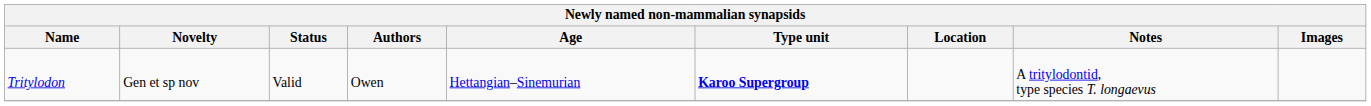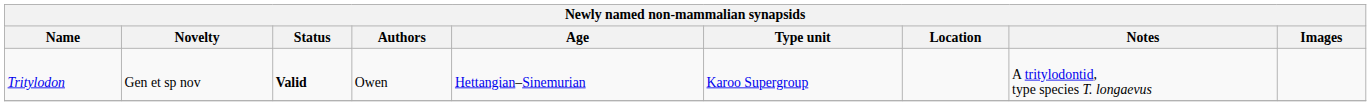 <table class="wikitable sortable" align="center" width="100%">
 <tr>
 <th colspan="9">Newly named non-mammalian synapsids</th>
 </tr>
 <tr>
 <th>Name</th>
 <th>Novelty</th>
 <th>Status</th>
 <th>Authors</th>
 <th>Age</th>
 <th>Type unit</th>
 <th>Location</th>
 <th>Notes</th>
 <th>Images</th>
 </tr>
 <tr>
 <td><br><em><a href='#'>Tritylodon</a></em></td>
 <td><br>Gen et sp nov</td>
-<td><br>Valid</td>
+<td><strong><br>Valid</strong></td>
 <td><br>Owen</td>
 <td><br><a href='#'>Hettangian</a>–<a href='#'>Sinemurian</a></td>
-<td><strong><br><a href='#'>Karoo Supergroup</a></strong></td>
+<td><br><a href='#'>Karoo Supergroup</a></td>
 <td><br></td>
 <td><br>A <a href='#'>tritylodontid</a>,<br> type species <em>T. longaevus</em></td>
 <td><br></td>
 </tr>
 <tr>
 </tr>
 </table>
